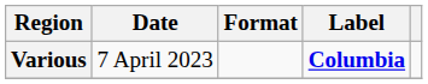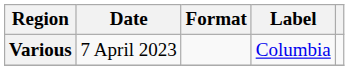 <table class="wikitable plainrowheaders">
 <tr>
 <th>Region</th>
 <th>Date</th>
 <th>Format</th>
 <th>Label</th>
 <th></th>
 </tr>
 <tr>
 <th scope="row">Various</th>
 <td>7 April 2023</td>
 <td></td>
-<td><strong><a href='#'>Columbia</a></strong></td>
+<td><a href='#'>Columbia</a></td>
 <td></td>
 </tr>
 <tr>
 </tr>
 </table>
